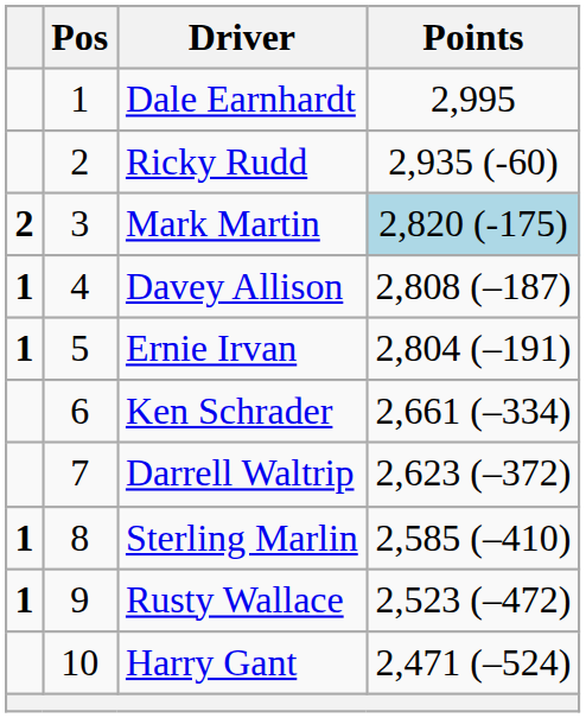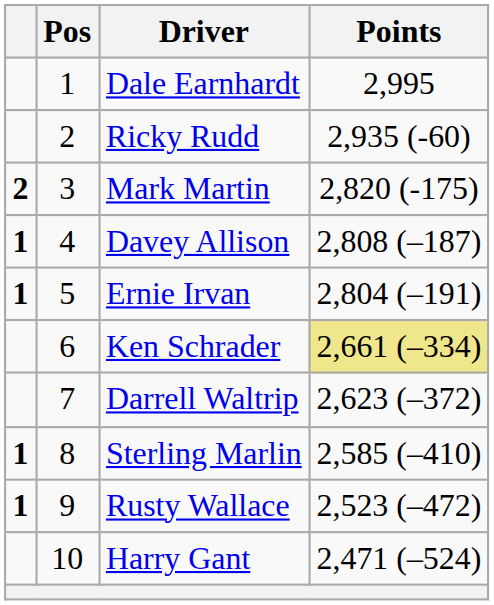 <table class="wikitable" style="font-size: 95%;">
 <tr>
 <th></th>
 <th>Pos</th>
 <th>Driver</th>
 <th>Points</th>
 </tr>
 <tr>
 <td align="left"></td>
 <td style="text-align:center;">1</td>
 <td><a href='#'>Dale Earnhardt</a></td>
 <td style="text-align:center;">2,995</td>
 </tr>
 <tr>
 <td align="left"></td>
 <td style="text-align:center;">2</td>
 <td><a href='#'>Ricky Rudd</a></td>
 <td style="text-align:center;">2,935 (-60)</td>
 </tr>
 <tr>
 <td align="left">  <strong>2</strong></td>
 <td style="text-align:center;">3</td>
 <td><a href='#'>Mark Martin</a></td>
-<td style="background: lightblue; text-align:center;">2,820 (-175)</td>
+<td style="text-align:center;">2,820 (-175)</td>
 </tr>
 <tr>
 <td align="left">  <strong>1</strong></td>
 <td style="text-align:center;">4</td>
 <td><a href='#'>Davey Allison</a></td>
 <td style="text-align:center;">2,808 (–187)</td>
 </tr>
 <tr>
 <td align="left">  <strong>1</strong></td>
 <td style="text-align:center;">5</td>
 <td><a href='#'>Ernie Irvan</a></td>
 <td style="text-align:center;">2,804 (–191)</td>
 </tr>
 <tr>
 <td align="left"></td>
 <td style="text-align:center;">6</td>
 <td><a href='#'>Ken Schrader</a></td>
-<td style="text-align:center;">2,661 (–334)</td>
+<td style="background: khaki; text-align:center;">2,661 (–334)</td>
 </tr>
 <tr>
 <td align="left"></td>
 <td style="text-align:center;">7</td>
 <td><a href='#'>Darrell Waltrip</a></td>
 <td style="text-align:center;">2,623 (–372)</td>
 </tr>
 <tr>
 <td align="left">  <strong>1</strong></td>
 <td style="text-align:center;">8</td>
 <td><a href='#'>Sterling Marlin</a></td>
 <td style="text-align:center;">2,585 (–410)</td>
 </tr>
 <tr>
 <td align="left">  <strong>1</strong></td>
 <td style="text-align:center;">9</td>
 <td><a href='#'>Rusty Wallace</a></td>
 <td style="text-align:center;">2,523 (–472)</td>
 </tr>
 <tr>
 <td align="left"></td>
 <td style="text-align:center;">10</td>
 <td><a href='#'>Harry Gant</a></td>
 <td style="text-align:center;">2,471 (–524)</td>
 </tr>
 <tr class="sortbottom">
 <th colspan="9"></th>
 </tr>
 </table>
